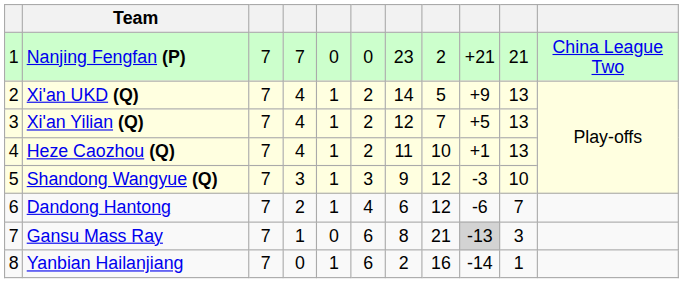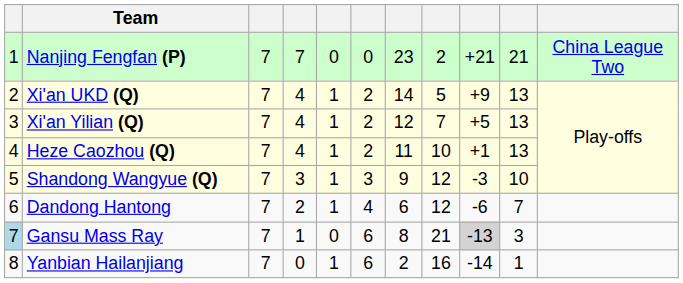 <table class="wikitable" style="text-align:center;">
 <tr>
 <th></th>
 <th width=250>Team</th>
 <th width=30></th>
 <th width=30></th>
 <th width=30></th>
 <th width=30></th>
 <th width=30></th>
 <th width=30></th>
 <th width=30></th>
 <th width=30></th>
 <th width=150></th>
 </tr>
 <tr bgcolor="#ccffcc">
 <td>1</td>
 <td align="left"><a href='#'>Nanjing Fengfan</a> <strong>(P)</strong></td>
 <td>7</td>
 <td>7</td>
 <td>0</td>
 <td>0</td>
 <td>23</td>
 <td>2</td>
 <td>+21</td>
 <td>21</td>
 <td><a href='#'>China League Two</a></td>
 </tr>
 <tr bgcolor="#FFFFE0">
 <td>2</td>
 <td align="left"><a href='#'>Xi'an UKD</a> <strong>(Q)</strong></td>
 <td>7</td>
 <td>4</td>
 <td>1</td>
 <td>2</td>
 <td>14</td>
 <td>5</td>
 <td>+9</td>
 <td>13</td>
 <td rowspan=4>Play-offs</td>
 </tr>
 <tr bgcolor="#FFFFE0">
 <td>3</td>
 <td align="left"><a href='#'>Xi'an Yilian</a> <strong>(Q)</strong></td>
 <td>7</td>
 <td>4</td>
 <td>1</td>
 <td>2</td>
 <td>12</td>
 <td>7</td>
 <td>+5</td>
 <td>13</td>
 </tr>
 <tr bgcolor="#FFFFE0">
 <td>4</td>
 <td align="left"><a href='#'>Heze Caozhou</a> <strong>(Q)</strong></td>
 <td>7</td>
 <td>4</td>
 <td>1</td>
 <td>2</td>
 <td>11</td>
 <td>10</td>
 <td>+1</td>
 <td>13</td>
 </tr>
 <tr bgcolor="#FFFFE0">
 <td>5</td>
 <td align="left"><a href='#'>Shandong Wangyue</a> <strong>(Q)</strong></td>
 <td>7</td>
 <td>3</td>
 <td>1</td>
 <td>3</td>
 <td>9</td>
 <td>12</td>
 <td>-3</td>
 <td>10</td>
 </tr>
 <tr>
 <td>6</td>
 <td align="left"><a href='#'>Dandong Hantong</a></td>
 <td>7</td>
 <td>2</td>
 <td>1</td>
 <td>4</td>
 <td>6</td>
 <td>12</td>
 <td>-6</td>
 <td>7</td>
 <td></td>
 </tr>
 <tr>
-<td>7</td>
+<td style="background: lightblue;">7</td>
 <td align="left"><a href='#'>Gansu Mass Ray</a></td>
 <td>7</td>
 <td>1</td>
 <td>0</td>
 <td>6</td>
 <td>8</td>
 <td>21</td>
 <td style="background: lightgrey;">-13</td>
 <td>3</td>
 <td></td>
 </tr>
 <tr>
 <td>8</td>
 <td align="left"><a href='#'>Yanbian Hailanjiang</a></td>
 <td>7</td>
 <td>0</td>
 <td>1</td>
 <td>6</td>
 <td>2</td>
 <td>16</td>
 <td>-14</td>
 <td>1</td>
 <td></td>
 </tr>
 </table>
